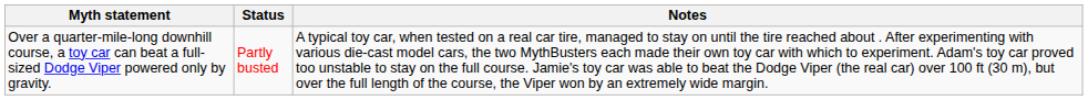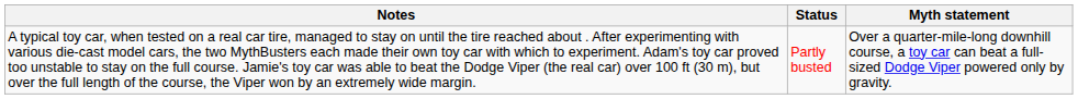 <table class="wikitable plainrowheaders">
 <tr>
+<th>Notes</th>
+<th>Status</th>
 <th>Myth statement</th>
-<th>Status</th>
-<th>Notes</th>
 </tr>
 <tr>
+<td>A typical toy car, when tested on a real car tire, managed to stay on until the tire reached about .  After experimenting with various die-cast model cars, the two MythBusters each made their own toy car with which to experiment.  Adam's toy car proved too unstable to stay on the full course. Jamie's toy car was able to beat the Dodge Viper (the real car) over 100 ft (30 m), but over the full length of the course, the Viper won by an extremely wide margin.</td>
+<td style="color:red">Partly busted</td>
 <td>Over a quarter-mile-long downhill course, a <a href='#'>toy car</a> can beat a full-sized <a href='#'>Dodge Viper</a> powered only by gravity.</td>
-<td style="color:red">Partly busted</td>
-<td>A typical toy car, when tested on a real car tire, managed to stay on until the tire reached about .  After experimenting with various die-cast model cars, the two MythBusters each made their own toy car with which to experiment.  Adam's toy car proved too unstable to stay on the full course. Jamie's toy car was able to beat the Dodge Viper (the real car) over 100 ft (30 m), but over the full length of the course, the Viper won by an extremely wide margin.</td>
 </tr>
 </table>
